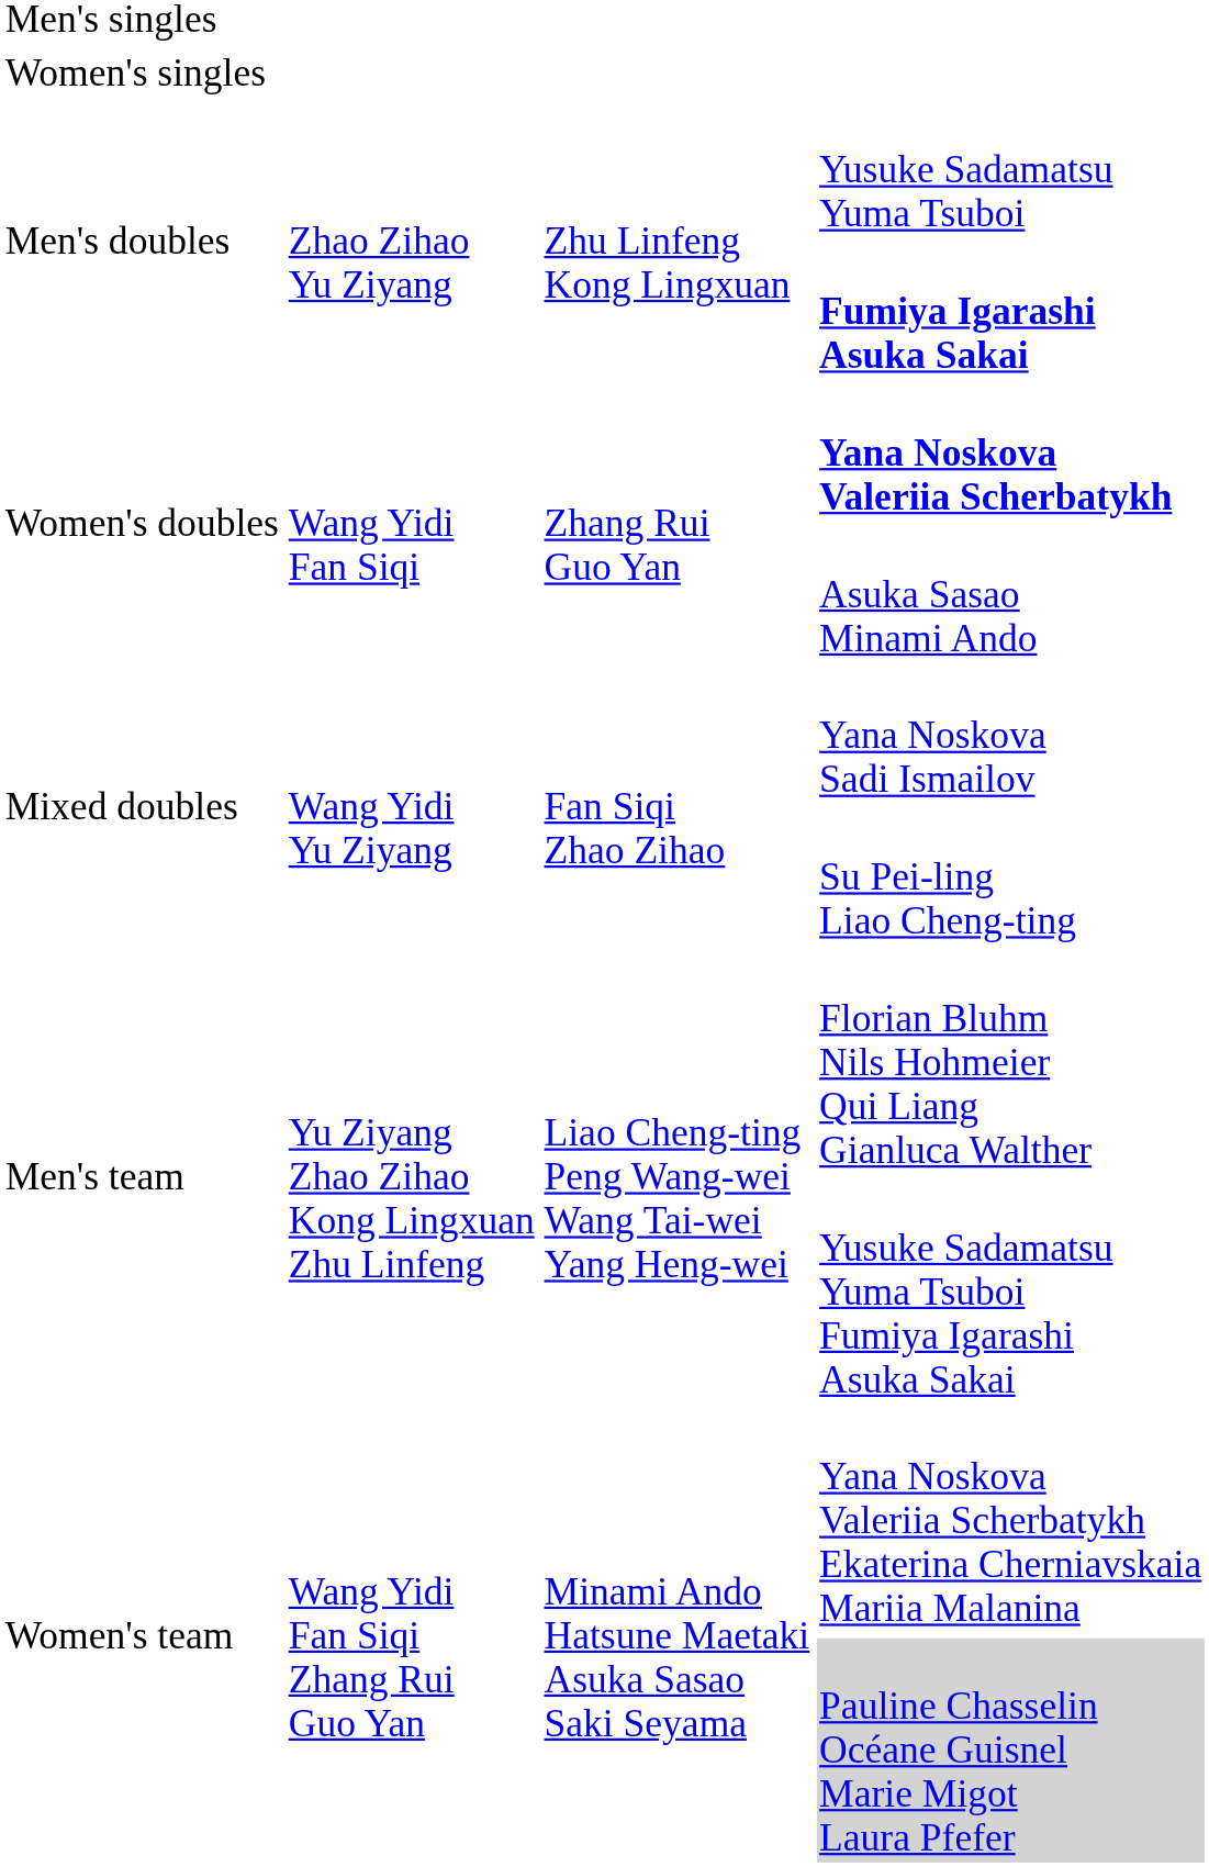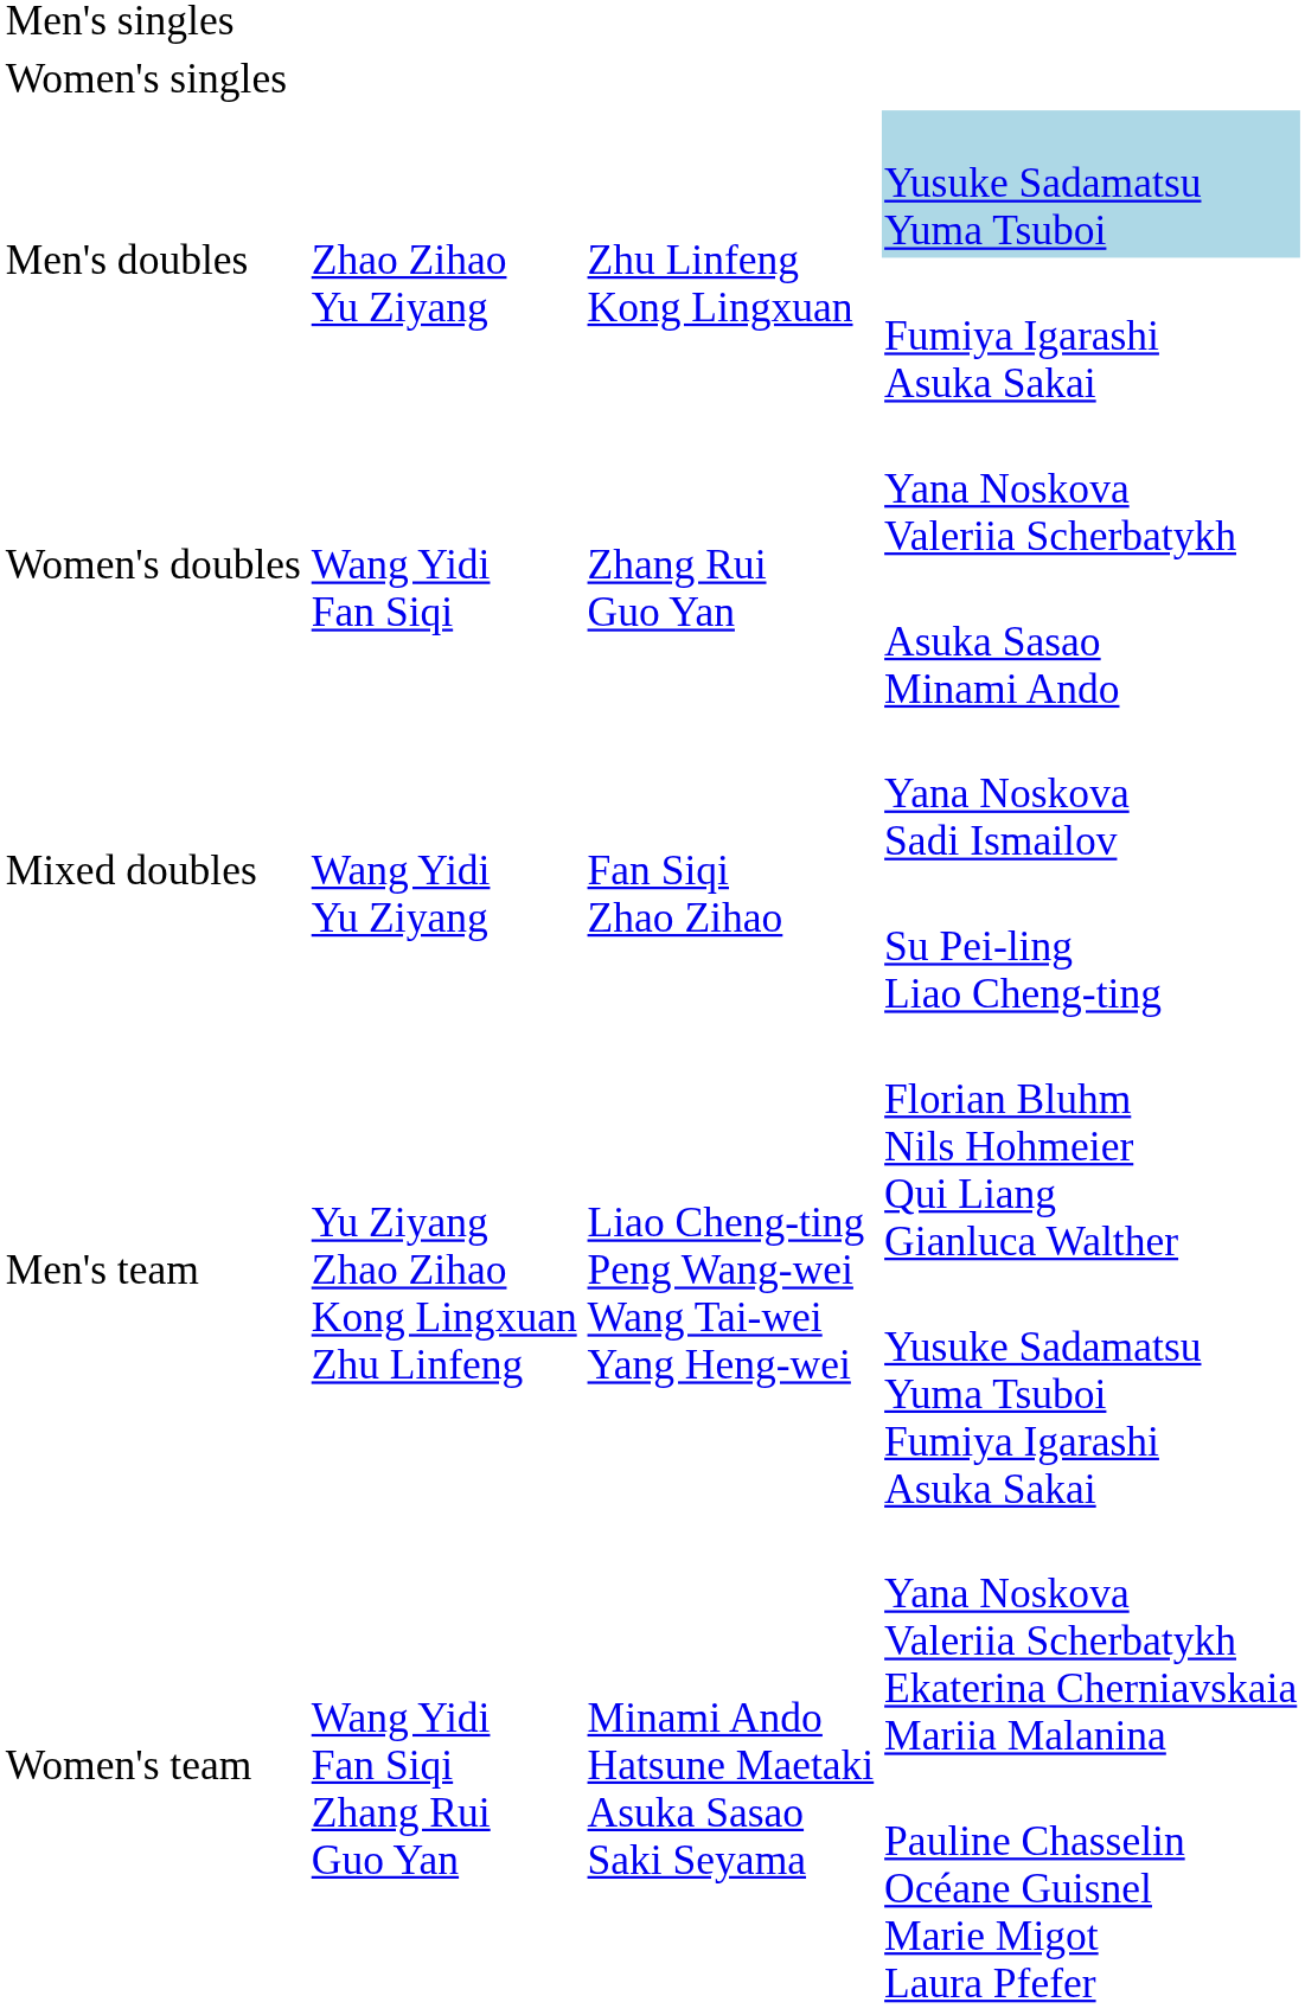 <table>
 <tr>
 <td rowspan=2>Men's singles<br></td>
 <td rowspan=2></td>
 <td rowspan=2></td>
 <td></td>
 </tr>
 <tr>
 <td></td>
 </tr>
 <tr>
 <td rowspan=2>Women's singles<br></td>
 <td rowspan=2></td>
 <td rowspan=2></td>
 <td></td>
 </tr>
 <tr>
 <td></td>
 </tr>
 <tr>
 <td rowspan=2>Men's doubles<br></td>
 <td rowspan=2><br><a href='#'>Zhao Zihao</a><br><a href='#'>Yu Ziyang</a></td>
 <td rowspan=2><br><a href='#'>Zhu Linfeng</a><br><a href='#'>Kong Lingxuan</a></td>
-<td><br><a href='#'>Yusuke Sadamatsu</a><br><a href='#'>Yuma Tsuboi</a></td>
+<td style="background: lightblue;"><br><a href='#'>Yusuke Sadamatsu</a><br><a href='#'>Yuma Tsuboi</a></td>
 </tr>
 <tr>
-<td><strong><br><a href='#'>Fumiya Igarashi</a><br><a href='#'>Asuka Sakai</a></strong></td>
+<td><br><a href='#'>Fumiya Igarashi</a><br><a href='#'>Asuka Sakai</a></td>
 </tr>
 <tr>
 <td rowspan=2>Women's doubles<br></td>
 <td rowspan=2><br><a href='#'>Wang Yidi</a><br><a href='#'>Fan Siqi</a></td>
 <td rowspan=2><br><a href='#'>Zhang Rui</a><br><a href='#'>Guo Yan</a></td>
-<td><strong><br><a href='#'>Yana Noskova</a><br><a href='#'>Valeriia Scherbatykh</a></strong></td>
+<td><br><a href='#'>Yana Noskova</a><br><a href='#'>Valeriia Scherbatykh</a></td>
 </tr>
 <tr>
 <td><br><a href='#'>Asuka Sasao</a><br><a href='#'>Minami Ando</a></td>
 </tr>
 <tr>
 <td rowspan=2>Mixed doubles<br></td>
 <td rowspan=2><br><a href='#'>Wang Yidi</a><br><a href='#'>Yu Ziyang</a></td>
 <td rowspan=2><br><a href='#'>Fan Siqi</a><br><a href='#'>Zhao Zihao</a></td>
 <td><br><a href='#'>Yana Noskova</a><br><a href='#'>Sadi Ismailov</a></td>
 </tr>
 <tr>
 <td><br><a href='#'>Su Pei-ling</a><br><a href='#'>Liao Cheng-ting</a></td>
 </tr>
 <tr>
 <td rowspan=2>Men's team<br></td>
 <td rowspan=2><br><a href='#'>Yu Ziyang</a><br><a href='#'>Zhao Zihao</a><br><a href='#'>Kong Lingxuan</a><br><a href='#'>Zhu Linfeng</a></td>
 <td rowspan=2><br><a href='#'>Liao Cheng-ting</a><br><a href='#'>Peng Wang-wei</a><br><a href='#'>Wang Tai-wei</a><br><a href='#'>Yang Heng-wei</a></td>
 <td><br><a href='#'>Florian Bluhm</a><br><a href='#'>Nils Hohmeier</a><br><a href='#'>Qui Liang</a><br><a href='#'>Gianluca Walther</a></td>
 </tr>
 <tr>
 <td><br><a href='#'>Yusuke Sadamatsu</a><br><a href='#'>Yuma Tsuboi</a><br><a href='#'>Fumiya Igarashi</a><br><a href='#'>Asuka Sakai</a></td>
 </tr>
 <tr>
 <td rowspan=2>Women's team<br></td>
 <td rowspan=2><br><a href='#'>Wang Yidi</a><br><a href='#'>Fan Siqi</a><br><a href='#'>Zhang Rui</a><br><a href='#'>Guo Yan</a></td>
 <td rowspan=2><br><a href='#'>Minami Ando</a><br><a href='#'>Hatsune Maetaki</a><br><a href='#'>Asuka Sasao</a><br><a href='#'>Saki Seyama</a></td>
 <td><br><a href='#'>Yana Noskova</a><br><a href='#'>Valeriia Scherbatykh</a><br><a href='#'>Ekaterina Cherniavskaia</a><br><a href='#'>Mariia Malanina</a></td>
 </tr>
 <tr>
-<td style="background: lightgrey;"><br><a href='#'>Pauline Chasselin</a><br><a href='#'>Océane Guisnel</a><br><a href='#'>Marie Migot</a><br><a href='#'>Laura Pfefer</a></td>
+<td><br><a href='#'>Pauline Chasselin</a><br><a href='#'>Océane Guisnel</a><br><a href='#'>Marie Migot</a><br><a href='#'>Laura Pfefer</a></td>
 </tr>
 </table>
